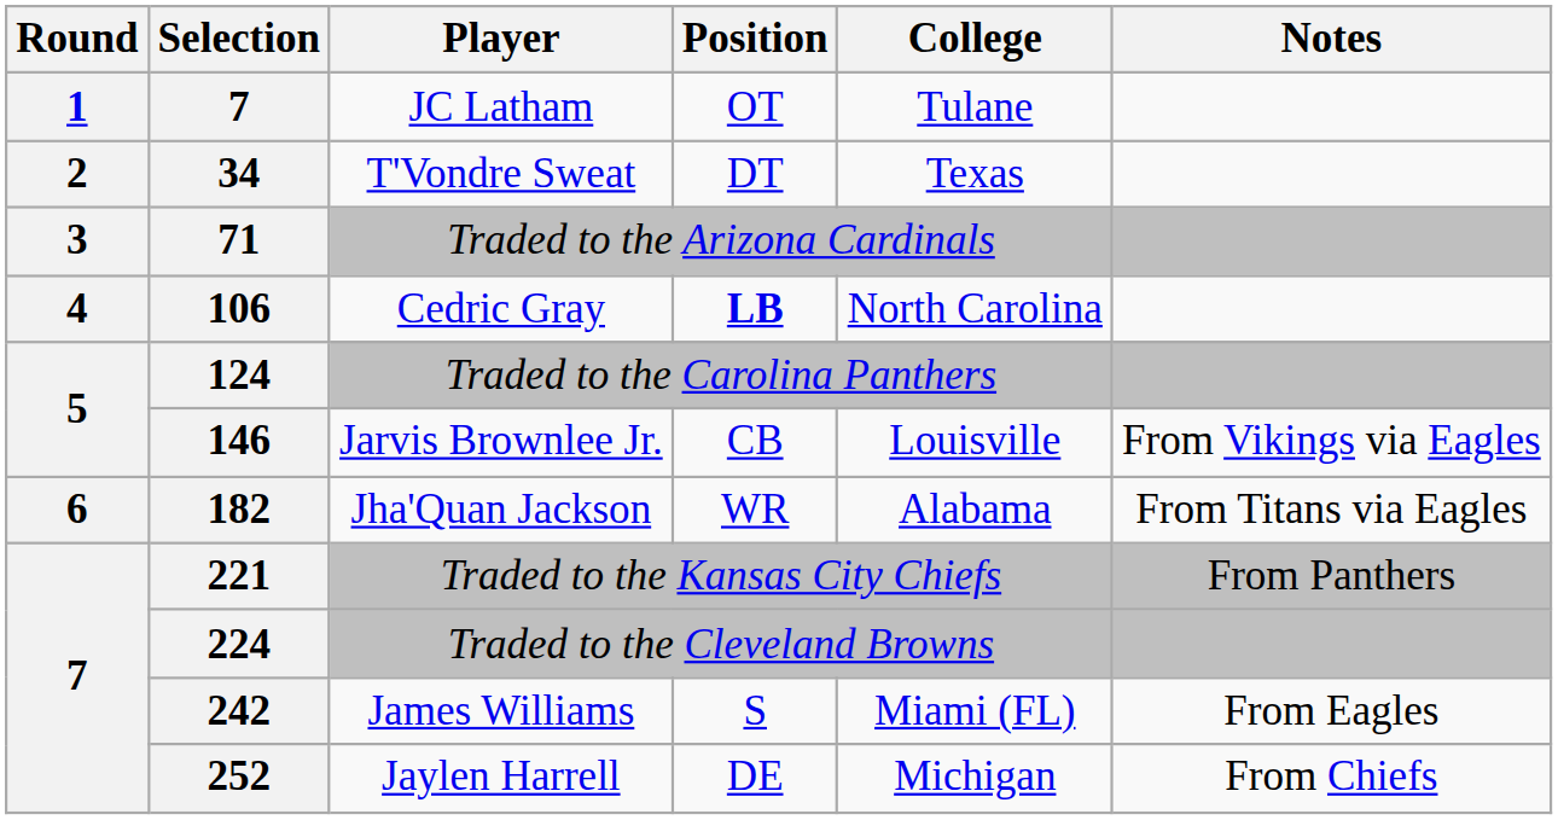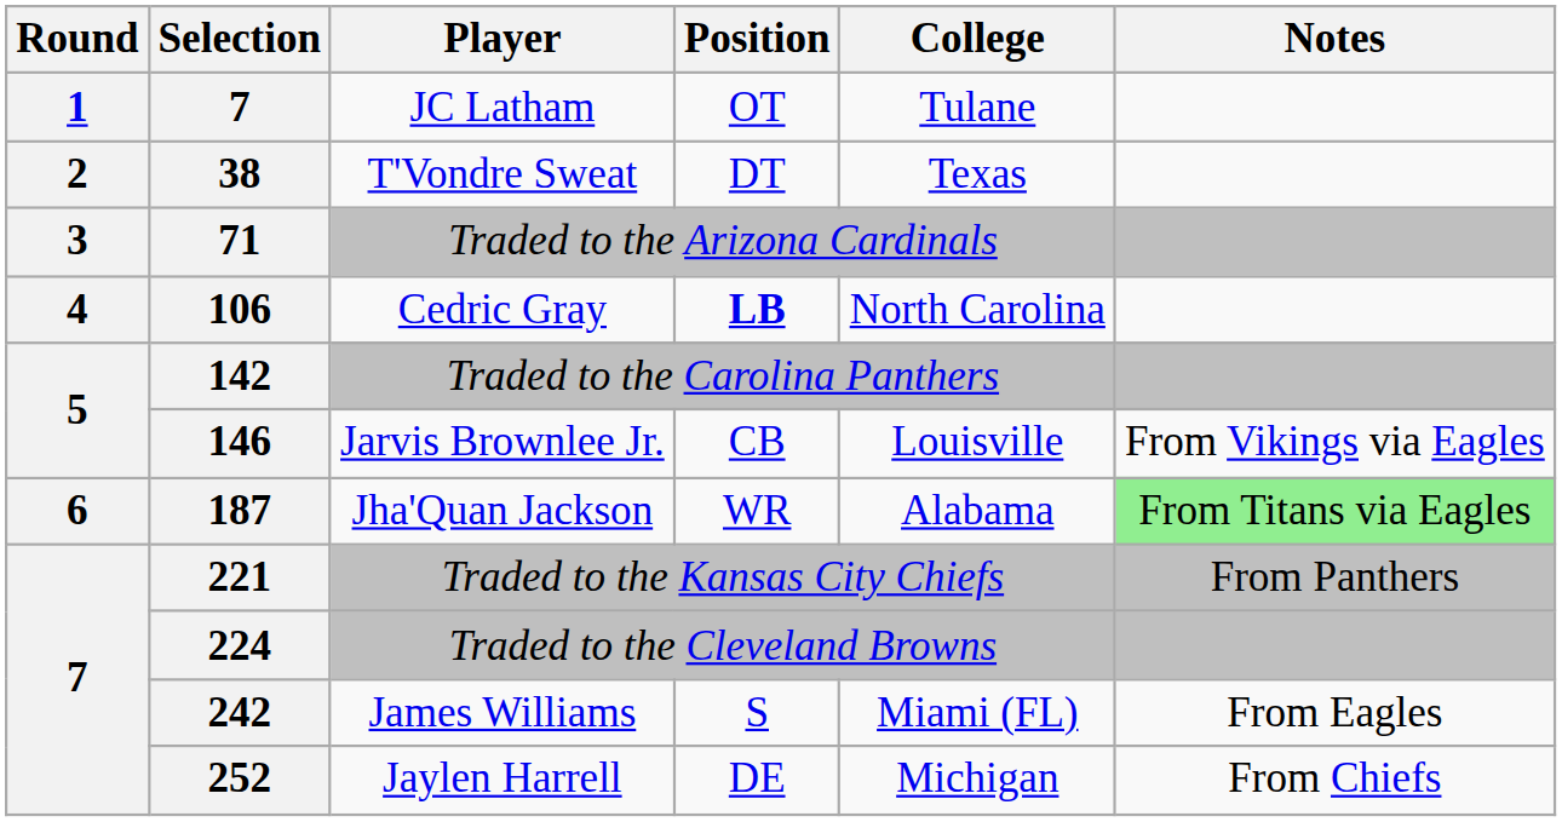 <table class="wikitable" style="text-align:center">
 <tr>
 <th>Round</th>
 <th>Selection</th>
 <th>Player</th>
 <th>Position</th>
 <th>College</th>
 <th>Notes</th>
 </tr>
 <tr>
 <th><a href='#'>1</a></th>
 <th>7</th>
 <td><a href='#'>JC Latham</a></td>
 <td><a href='#'>OT</a></td>
 <td><a href='#'>Tulane</a></td>
 <td></td>
 </tr>
 <tr>
 <th>2</th>
-<th>34</th>
+<th>38</th>
 <td><a href='#'>T'Vondre Sweat</a></td>
 <td><a href='#'>DT</a></td>
 <td><a href='#'>Texas</a></td>
 <td></td>
 </tr>
 <tr>
 <th>3</th>
 <th>71</th>
 <td colspan="3" style="background:#BFBFBF"><em>Traded to the <a href='#'>Arizona Cardinals</a></em></td>
 <td style="background:#BFBFBF"></td>
 </tr>
 <tr>
 <th>4</th>
 <th>106</th>
 <td><a href='#'>Cedric Gray</a></td>
 <td><strong><a href='#'>LB</a></strong></td>
 <td><a href='#'>North Carolina</a></td>
 <td></td>
 </tr>
 <tr>
 <th rowspan="2">5</th>
-<th>124</th>
+<th>142</th>
 <td colspan="3" style="background:#BFBFBF"><em>Traded to the <a href='#'>Carolina Panthers</a></em></td>
 <td style="background:#BFBFBF"></td>
 </tr>
 <tr>
 <th>146</th>
 <td><a href='#'>Jarvis Brownlee Jr.</a></td>
 <td><a href='#'>CB</a></td>
 <td><a href='#'>Louisville</a></td>
 <td>From <a href='#'>Vikings</a> via <a href='#'>Eagles</a></td>
 </tr>
 <tr>
 <th>6</th>
-<th>182</th>
+<th>187</th>
 <td><a href='#'>Jha'Quan Jackson</a></td>
 <td><a href='#'>WR</a></td>
 <td><a href='#'>Alabama</a></td>
-<td>From Titans via Eagles</td>
+<td style="background: lightgreen;">From Titans via Eagles</td>
 </tr>
 <tr>
 <th rowspan="4">7</th>
 <th>221</th>
 <td colspan="3" style="background:#BFBFBF"><em>Traded to the <a href='#'>Kansas City Chiefs</a></em></td>
 <td style="background:#BFBFBF">From Panthers</td>
 </tr>
 <tr>
 <th>224</th>
 <td colspan="3" style="background:#BFBFBF"><em>Traded to the <a href='#'>Cleveland Browns</a></em></td>
 <td style="background:#BFBFBF"></td>
 </tr>
 <tr>
 <th>242</th>
 <td><a href='#'>James Williams</a></td>
 <td><a href='#'>S</a></td>
 <td><a href='#'>Miami (FL)</a></td>
 <td>From Eagles</td>
 </tr>
 <tr>
 <th>252</th>
 <td><a href='#'>Jaylen Harrell</a></td>
 <td><a href='#'>DE</a></td>
 <td><a href='#'>Michigan</a></td>
 <td>From <a href='#'>Chiefs</a></td>
 </tr>
 </table>
